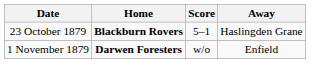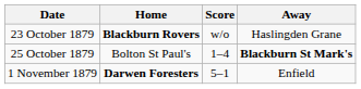 <table class="wikitable" style="text-align: center">
 <tr>
 <th>Date</th>
 <th>Home</th>
 <th>Score</th>
 <th>Away</th>
 </tr>
 <tr>
 <td>23 October 1879</td>
 <td><strong>Blackburn Rovers</strong></td>
-<td>5–1</td>
+<td>w/o</td>
 <td>Haslingden Grane</td>
+</tr>
+<tr>
+<td>25 October 1879</td>
+<td>Bolton St Paul's</td>
+<td>1–4</td>
+<td><strong>Blackburn St Mark's</strong></td>
 </tr>
 <tr>
 <td>1 November 1879</td>
 <td><strong>Darwen Foresters</strong></td>
-<td>w/o</td>
+<td>5–1</td>
 <td>Enfield</td>
 </tr>
 </table>
